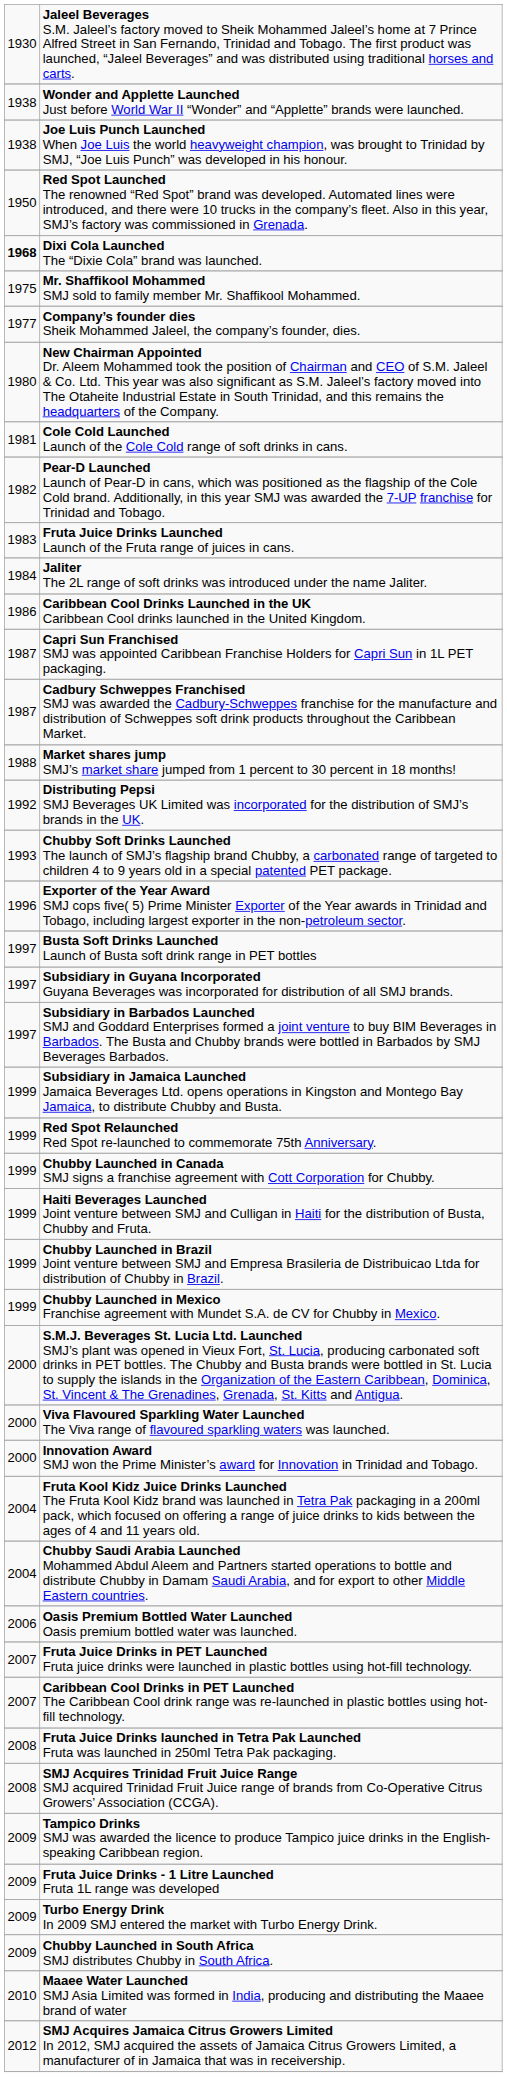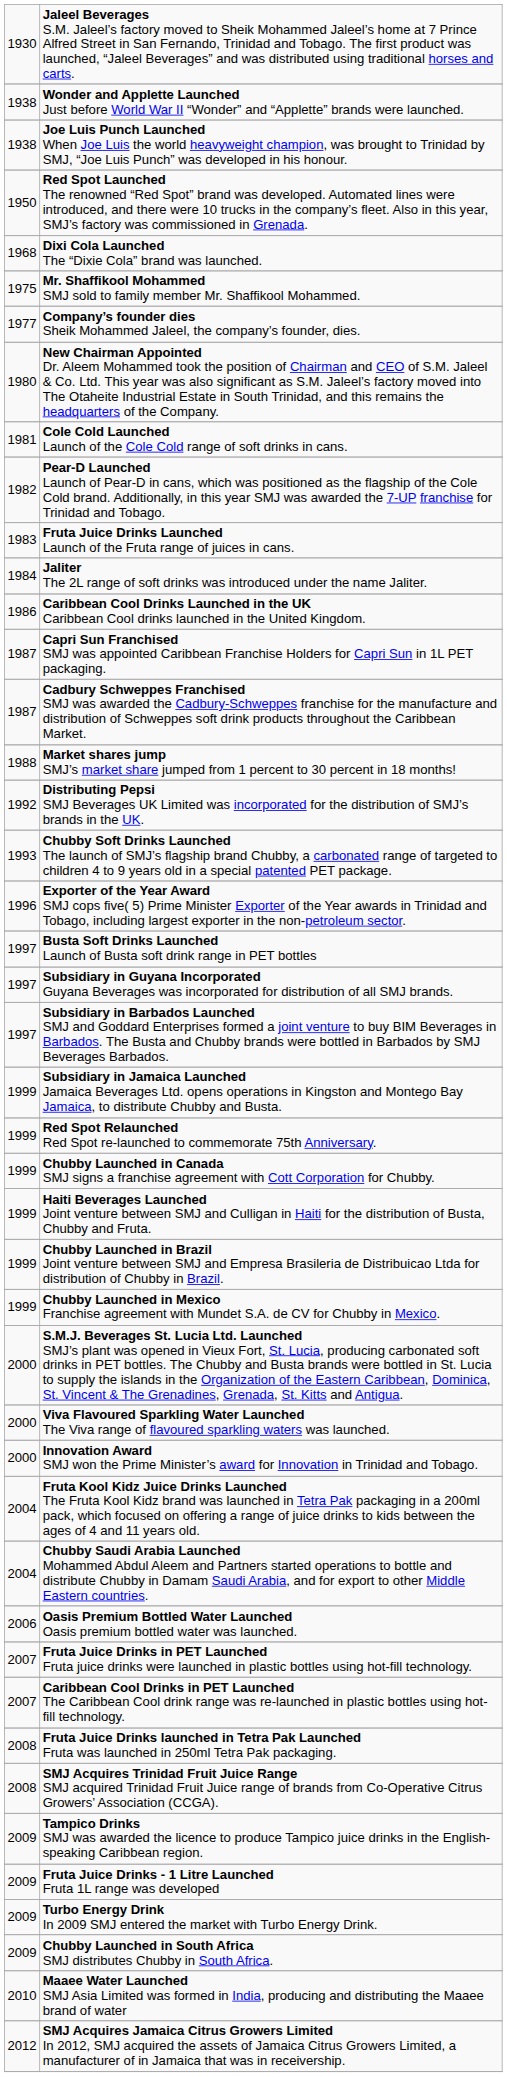 <table class="wikitable">
 <tr>
 <td>1930</td>
 <td><strong>Jaleel Beverages</strong><br>S.M. Jaleel’s factory moved to Sheik Mohammed Jaleel’s home at 7 Prince Alfred Street in San Fernando, Trinidad and Tobago.  The first product was launched, “Jaleel Beverages” and was distributed using traditional <a href='#'>horses and carts</a>.</td>
 </tr>
 <tr>
 </tr>
 <tr>
 <td>1938</td>
 <td><strong>Wonder and Applette Launched</strong><br>Just before <a href='#'>World War II</a> “Wonder” and “Applette” brands were launched.</td>
 </tr>
 <tr>
 </tr>
 <tr>
 <td>1938</td>
 <td><strong>Joe Luis Punch Launched</strong><br>When <a href='#'>Joe Luis</a> the world <a href='#'>heavyweight champion</a>, was brought to Trinidad by SMJ, “Joe Luis Punch” was developed in his honour.</td>
 </tr>
 <tr>
 </tr>
 <tr>
 <td>1950</td>
 <td><strong>Red Spot Launched</strong><br>The renowned “Red Spot” brand was developed. Automated lines were introduced, and there were 10 trucks in the company’s fleet.  Also in this year, SMJ’s factory was commissioned in <a href='#'>Grenada</a>.</td>
 </tr>
 <tr>
 </tr>
 <tr>
-<td><strong>1968</strong></td>
+<td>1968</td>
 <td><strong>Dixi Cola Launched</strong><br>The “Dixie Cola” brand was launched.</td>
 </tr>
 <tr>
 </tr>
 <tr>
 <td>1975</td>
 <td><strong>Mr. Shaffikool Mohammed</strong><br>SMJ sold to family member Mr. Shaffikool Mohammed.</td>
 </tr>
 <tr>
 </tr>
 <tr>
 <td>1977</td>
 <td><strong>Company’s founder dies</strong><br>Sheik Mohammed Jaleel, the company’s founder, dies.</td>
 </tr>
 <tr>
 </tr>
 <tr>
 <td>1980</td>
 <td><strong>New Chairman Appointed</strong><br>Dr. Aleem Mohammed took the position of <a href='#'>Chairman</a> and <a href='#'>CEO</a> of S.M. Jaleel & Co. Ltd. This year was also significant as S.M. Jaleel’s factory moved into The Otaheite Industrial Estate in South Trinidad, and this remains the <a href='#'>headquarters</a> of the Company.</td>
 </tr>
 <tr>
 </tr>
 <tr>
 <td>1981</td>
 <td><strong>Cole Cold Launched</strong><br>Launch of the <a href='#'>Cole Cold</a> range of soft drinks in cans.</td>
 </tr>
 <tr>
 </tr>
 <tr>
 <td>1982</td>
 <td><strong>Pear-D Launched</strong><br>Launch of Pear-D in cans, which was positioned as the flagship of the Cole Cold brand. Additionally, in this year SMJ was awarded the <a href='#'>7-UP</a> <a href='#'>franchise</a> for Trinidad and Tobago.</td>
 </tr>
 <tr>
 </tr>
 <tr>
 <td>1983</td>
 <td><strong>Fruta Juice Drinks Launched</strong><br>Launch of the Fruta range of juices in cans.</td>
 </tr>
 <tr>
 </tr>
 <tr>
 <td>1984</td>
 <td><strong>Jaliter</strong><br>The 2L range of soft drinks was introduced under the name Jaliter.</td>
 </tr>
 <tr>
 </tr>
 <tr>
 <td>1986</td>
 <td><strong>Caribbean Cool Drinks Launched in the UK</strong><br>Caribbean Cool drinks launched in the United Kingdom.</td>
 </tr>
 <tr>
 </tr>
 <tr>
 <td>1987</td>
 <td><strong>Capri Sun Franchised</strong><br>SMJ was appointed Caribbean Franchise Holders for <a href='#'>Capri Sun</a> in 1L PET packaging.</td>
 </tr>
 <tr>
 </tr>
 <tr>
 <td>1987</td>
 <td><strong>Cadbury Schweppes Franchised</strong><br>SMJ was awarded the <a href='#'>Cadbury-Schweppes</a> franchise for the manufacture and distribution of Schweppes soft drink products throughout the Caribbean Market.</td>
 </tr>
 <tr>
 </tr>
 <tr>
 <td>1988</td>
 <td><strong>Market shares jump</strong><br>SMJ’s <a href='#'>market share</a> jumped from 1 percent to 30 percent in 18 months!</td>
 </tr>
 <tr>
 </tr>
 <tr>
 <td>1992</td>
 <td><strong>Distributing Pepsi</strong><br>SMJ Beverages UK Limited was <a href='#'>incorporated</a> for the distribution of SMJ’s brands in the <a href='#'>UK</a>.</td>
 </tr>
 <tr>
 </tr>
 <tr>
 <td>1993</td>
 <td><strong>Chubby Soft Drinks Launched</strong><br>The launch of SMJ’s flagship brand Chubby, a <a href='#'>carbonated</a> range of  targeted to children 4 to 9 years old in a special <a href='#'>patented</a> PET package.</td>
 </tr>
 <tr>
 </tr>
 <tr>
 <td>1996</td>
 <td><strong>Exporter of the Year Award</strong><br>SMJ cops five( 5) Prime Minister <a href='#'>Exporter</a> of the Year awards in Trinidad and Tobago, including largest exporter in the non-<a href='#'>petroleum sector</a>.</td>
 </tr>
 <tr>
 </tr>
 <tr>
 <td>1997</td>
 <td><strong>Busta Soft Drinks Launched</strong><br>Launch of Busta soft drink range in PET bottles</td>
 </tr>
 <tr>
 </tr>
 <tr>
 <td>1997</td>
 <td><strong>Subsidiary in Guyana Incorporated</strong><br>Guyana Beverages was incorporated for distribution of all SMJ brands.</td>
 </tr>
 <tr>
 </tr>
 <tr>
 <td>1997</td>
 <td><strong>Subsidiary in Barbados Launched</strong><br>SMJ and Goddard Enterprises formed a <a href='#'>joint venture</a> to buy BIM Beverages in <a href='#'>Barbados</a>. The Busta and Chubby brands were bottled in Barbados by SMJ Beverages Barbados.</td>
 </tr>
 <tr>
 </tr>
 <tr>
 <td>1999</td>
 <td><strong>Subsidiary in Jamaica Launched</strong><br>Jamaica Beverages Ltd. opens operations in Kingston and Montego Bay <a href='#'>Jamaica</a>, to distribute Chubby and Busta.</td>
 </tr>
 <tr>
 </tr>
 <tr>
 <td>1999</td>
 <td><strong>Red Spot Relaunched</strong><br>Red Spot re-launched to commemorate 75th <a href='#'>Anniversary</a>.</td>
 </tr>
 <tr>
 </tr>
 <tr>
 <td>1999</td>
 <td><strong>Chubby Launched in Canada</strong><br>SMJ signs a franchise agreement with <a href='#'>Cott Corporation</a> for Chubby.</td>
 </tr>
 <tr>
 </tr>
 <tr>
 <td>1999</td>
 <td><strong>Haiti Beverages Launched</strong><br>Joint venture between SMJ and Culligan in <a href='#'>Haiti</a> for the distribution of Busta, Chubby and Fruta.</td>
 </tr>
 <tr>
 </tr>
 <tr>
 <td>1999</td>
 <td><strong>Chubby Launched in Brazil</strong><br>Joint venture between SMJ and Empresa Brasileria de Distribuicao Ltda for distribution of Chubby in <a href='#'>Brazil</a>.</td>
 </tr>
 <tr>
 </tr>
 <tr>
 <td>1999</td>
 <td><strong>Chubby Launched in Mexico</strong><br>Franchise agreement with Mundet S.A. de CV for Chubby in <a href='#'>Mexico</a>.</td>
 </tr>
 <tr>
 </tr>
 <tr>
 <td>2000</td>
 <td><strong>S.M.J. Beverages St. Lucia Ltd. Launched</strong><br>SMJ’s  plant was opened in Vieux Fort, <a href='#'>St. Lucia</a>, producing carbonated soft drinks in PET bottles. The Chubby and Busta brands were bottled in St. Lucia to supply the islands in the <a href='#'>Organization of the Eastern Caribbean</a>, <a href='#'>Dominica</a>, <a href='#'>St. Vincent & The Grenadines</a>, <a href='#'>Grenada</a>, <a href='#'>St. Kitts</a> and <a href='#'>Antigua</a>.</td>
 </tr>
 <tr>
 </tr>
 <tr>
 <td>2000</td>
 <td><strong>Viva Flavoured Sparkling Water Launched</strong><br>The Viva range of <a href='#'>flavoured sparkling waters</a> was launched.</td>
 </tr>
 <tr>
 </tr>
 <tr>
 <td>2000</td>
 <td><strong>Innovation Award</strong><br>SMJ won the Prime Minister’s <a href='#'>award</a> for <a href='#'>Innovation</a> in Trinidad and Tobago.</td>
 </tr>
 <tr>
 </tr>
 <tr>
 <td>2004</td>
 <td><strong>Fruta Kool Kidz Juice Drinks Launched</strong><br>The Fruta Kool Kidz brand was launched in <a href='#'>Tetra Pak</a> packaging in a 200ml pack, which focused on offering a range of juice drinks to kids between the ages of 4 and 11 years old.</td>
 </tr>
 <tr>
 </tr>
 <tr>
 <td>2004</td>
 <td><strong>Chubby Saudi Arabia Launched</strong><br>Mohammed Abdul Aleem and Partners started operations to bottle and distribute Chubby in Damam <a href='#'>Saudi Arabia</a>, and for export to other <a href='#'>Middle Eastern countries</a>.</td>
 </tr>
 <tr>
 </tr>
 <tr>
 <td>2006</td>
 <td><strong>Oasis Premium Bottled Water Launched</strong><br>Oasis premium bottled water was launched.</td>
 </tr>
 <tr>
 </tr>
 <tr>
 <td>2007</td>
 <td><strong>Fruta Juice Drinks in PET Launched</strong><br>Fruta juice drinks were launched in plastic bottles using hot-fill technology.</td>
 </tr>
 <tr>
 </tr>
 <tr>
 <td>2007</td>
 <td><strong>Caribbean Cool Drinks in PET Launched</strong><br>The Caribbean Cool drink range was re-launched in plastic bottles using hot-fill technology.</td>
 </tr>
 <tr>
 </tr>
 <tr>
 <td>2008</td>
 <td><strong>Fruta Juice Drinks launched in Tetra Pak Launched</strong><br>Fruta was launched in 250ml Tetra Pak packaging.</td>
 </tr>
 <tr>
 </tr>
 <tr>
 <td>2008</td>
 <td><strong>SMJ Acquires Trinidad Fruit Juice Range</strong><br>SMJ acquired Trinidad Fruit Juice range of brands from Co-Operative Citrus Growers’ Association (CCGA).</td>
 </tr>
 <tr>
 </tr>
 <tr>
 <td>2009</td>
 <td><strong>Tampico Drinks</strong><br>SMJ was awarded the licence to produce Tampico juice drinks in the English-speaking Caribbean region.</td>
 </tr>
 <tr>
 </tr>
 <tr>
 <td>2009</td>
 <td><strong>Fruta Juice Drinks - 1 Litre Launched</strong><br>Fruta 1L range was developed</td>
 </tr>
 <tr>
 </tr>
 <tr>
 <td>2009</td>
 <td><strong>Turbo Energy Drink</strong><br>In 2009 SMJ entered the  market with Turbo Energy Drink.</td>
 </tr>
 <tr>
 </tr>
 <tr>
 <td>2009</td>
 <td><strong>Chubby Launched in South Africa</strong><br>SMJ distributes Chubby in <a href='#'>South Africa</a>.</td>
 </tr>
 <tr>
 </tr>
 <tr>
 <td>2010</td>
 <td><strong>Maaee Water Launched</strong><br>SMJ Asia Limited was formed in <a href='#'>India</a>, producing and distributing the Maaee brand of water</td>
 </tr>
 <tr>
 </tr>
 <tr>
 <td>2012</td>
 <td><strong>SMJ Acquires Jamaica Citrus Growers Limited</strong><br>In 2012, SMJ acquired the assets of Jamaica Citrus Growers Limited, a manufacturer of  in Jamaica that was in receivership.</td>
 </tr>
 <tr>
 </tr>
 </table>
